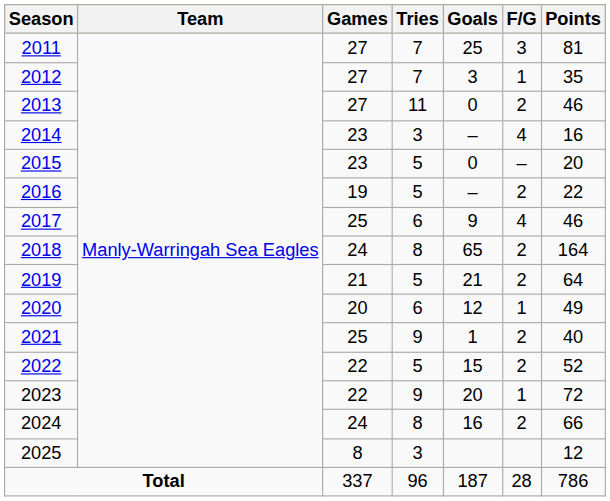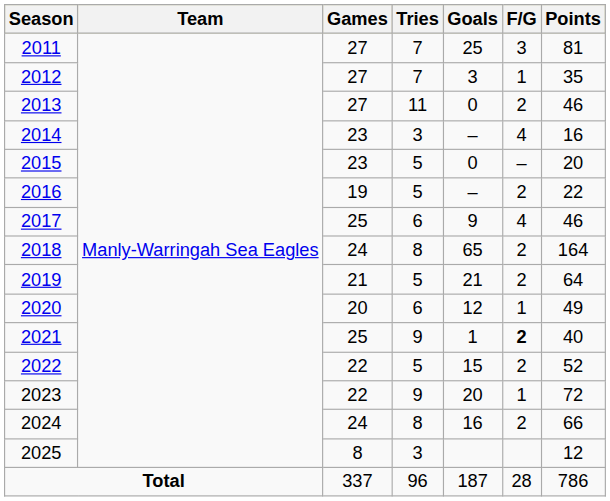 <table class="wikitable" style="text-align:center;">
 <tr style="background:#bdb76b;">
 <th>Season</th>
 <th>Team</th>
 <th>Games</th>
 <th>Tries</th>
 <th>Goals</th>
 <th>F/G</th>
 <th>Points</th>
 </tr>
 <tr>
 <td><a href='#'>2011</a></td>
 <td rowspan="15"> <a href='#'>Manly-Warringah Sea Eagles</a></td>
 <td>27</td>
 <td>7</td>
 <td>25</td>
 <td>3</td>
 <td>81</td>
 </tr>
 <tr>
 <td><a href='#'>2012</a></td>
 <td>27</td>
 <td>7</td>
 <td>3</td>
 <td>1</td>
 <td>35</td>
 </tr>
 <tr>
 <td><a href='#'>2013</a></td>
 <td>27</td>
 <td>11</td>
 <td>0</td>
 <td>2</td>
 <td>46</td>
 </tr>
 <tr>
 <td><a href='#'>2014</a></td>
 <td>23</td>
 <td>3</td>
 <td>–</td>
 <td>4</td>
 <td>16</td>
 </tr>
 <tr>
 <td><a href='#'>2015</a></td>
 <td>23</td>
 <td>5</td>
 <td>0</td>
 <td>–</td>
 <td>20</td>
 </tr>
 <tr>
 <td><a href='#'>2016</a></td>
 <td>19</td>
 <td>5</td>
 <td>–</td>
 <td>2</td>
 <td>22</td>
 </tr>
 <tr>
 <td><a href='#'>2017</a></td>
 <td>25</td>
 <td>6</td>
 <td>9</td>
 <td>4</td>
 <td>46</td>
 </tr>
 <tr>
 <td><a href='#'>2018</a></td>
 <td>24</td>
 <td>8</td>
 <td>65</td>
 <td>2</td>
 <td>164</td>
 </tr>
 <tr>
 <td><a href='#'>2019</a></td>
 <td>21</td>
 <td>5</td>
 <td>21</td>
 <td>2</td>
 <td>64</td>
 </tr>
 <tr>
 <td><a href='#'>2020</a></td>
 <td>20</td>
 <td>6</td>
 <td>12</td>
 <td>1</td>
 <td>49</td>
 </tr>
 <tr>
 <td><a href='#'>2021</a></td>
 <td>25</td>
 <td>9</td>
 <td>1</td>
-<td>2</td>
+<td><strong>2</strong></td>
 <td>40</td>
 </tr>
 <tr>
 <td><a href='#'>2022</a></td>
 <td>22</td>
 <td>5</td>
 <td>15</td>
 <td>2</td>
 <td>52</td>
 </tr>
 <tr>
 <td>2023</td>
 <td>22</td>
 <td>9</td>
 <td>20</td>
 <td>1</td>
 <td>72</td>
 </tr>
 <tr>
 <td>2024</td>
 <td>24</td>
 <td>8</td>
 <td>16</td>
 <td>2</td>
 <td>66</td>
 </tr>
 <tr>
 <td>2025</td>
 <td>8</td>
 <td>3</td>
 <td></td>
 <td></td>
 <td>12</td>
 </tr>
 <tr>
 <td colspan="2"><strong>Total</strong></td>
 <td>337</td>
 <td>96</td>
 <td>187</td>
 <td>28</td>
 <td>786</td>
 </tr>
 </table>
